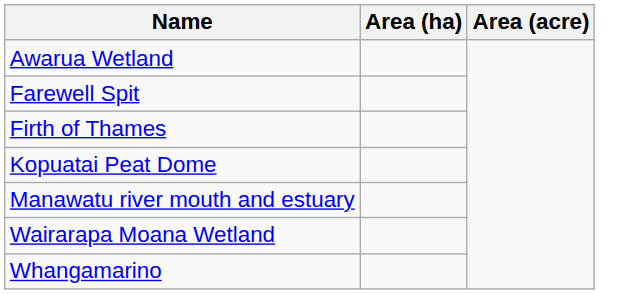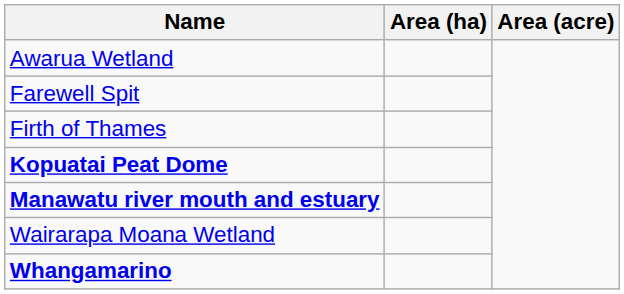 <table class="wikitable sortable">
 <tr>
 <th scope="col" align=left>Name</th>
 <th scope="col">Area (ha)</th>
 <th scope="col">Area (acre)</th>
 </tr>
 <tr ---->
 <td><a href='#'>Awarua Wetland</a></td>
 <td></td>
 </tr>
 <tr ---->
 <td><a href='#'>Farewell Spit</a></td>
 <td></td>
 </tr>
 <tr ---->
 <td><a href='#'>Firth of Thames</a></td>
 <td></td>
 </tr>
 <tr ---->
-<td><a href='#'>Kopuatai Peat Dome</a></td>
+<td><strong><a href='#'>Kopuatai Peat Dome</a></strong></td>
 <td></td>
 </tr>
 <tr ---->
-<td><a href='#'>Manawatu river mouth and estuary</a></td>
+<td><strong><a href='#'>Manawatu river mouth and estuary</a></strong></td>
 <td></td>
 </tr>
 <tr ---->
 <td><a href='#'>Wairarapa Moana Wetland</a></td>
 <td></td>
 </tr>
 <tr ---->
-<td><a href='#'>Whangamarino</a></td>
+<td><strong><a href='#'>Whangamarino</a></strong></td>
 <td></td>
 </tr>
 </table>
